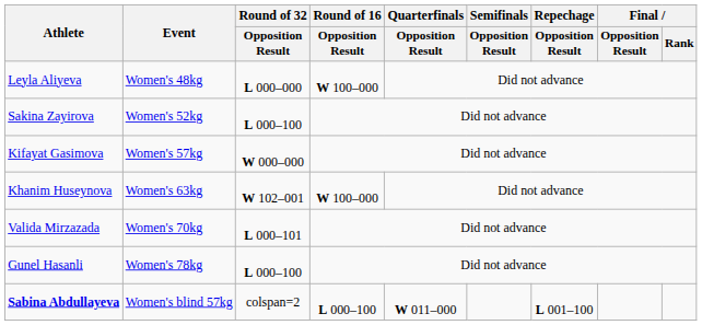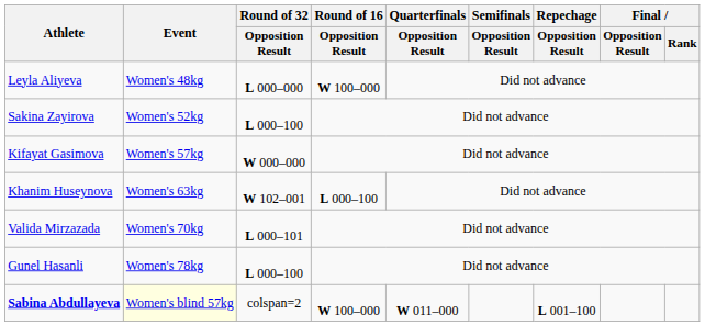 <table class="wikitable" style="font-size:90%">
 <tr>
 <th rowspan="2">Athlete</th>
 <th rowspan="2">Event</th>
 <th>Round of 32</th>
 <th>Round of 16</th>
 <th>Quarterfinals</th>
 <th>Semifinals</th>
 <th>Repechage</th>
 <th colspan=2>Final / </th>
 </tr>
 <tr style="font-size:95%">
 <th>Opposition<br>Result</th>
 <th>Opposition<br>Result</th>
 <th>Opposition<br>Result</th>
 <th>Opposition<br>Result</th>
 <th>Opposition<br>Result</th>
 <th>Opposition<br>Result</th>
 <th>Rank</th>
 </tr>
 <tr align=center>
 <td align=left><a href='#'>Leyla Aliyeva</a></td>
 <td align=left><a href='#'>Women's 48kg</a></td>
 <td><br><strong>L</strong> 000–000</td>
 <td><br><strong>W</strong> 100–000</td>
 <td colspan=5>Did not advance</td>
 </tr>
 <tr align=center>
 <td align=left><a href='#'>Sakina Zayirova</a></td>
 <td align=left><a href='#'>Women's 52kg</a></td>
 <td><br><strong>L</strong> 000–100</td>
 <td colspan=6>Did not advance</td>
 </tr>
 <tr align=center>
 <td align=left><a href='#'>Kifayat Gasimova</a></td>
 <td align=left><a href='#'>Women's 57kg</a></td>
 <td><br><strong>W</strong> 000–000</td>
 <td colspan=6>Did not advance</td>
 </tr>
 <tr align=center>
 <td align=left><a href='#'>Khanim Huseynova</a></td>
 <td align=left><a href='#'>Women's 63kg</a></td>
 <td><br><strong>W</strong> 102–001</td>
-<td><br><strong>W</strong> 100–000</td>
+<td><br><strong>L</strong> 000–100</td>
 <td colspan=5>Did not advance</td>
 </tr>
 <tr align=center>
 <td align=left><a href='#'>Valida Mirzazada</a></td>
 <td align=left><a href='#'>Women's 70kg</a></td>
 <td><br><strong>L</strong> 000–101</td>
 <td colspan=6>Did not advance</td>
 </tr>
 <tr align=center>
 <td align=left><a href='#'>Gunel Hasanli</a></td>
 <td align=left><a href='#'>Women's 78kg</a></td>
 <td><br><strong>L</strong> 000–100</td>
 <td colspan=6>Did not advance</td>
 </tr>
 <tr align=center>
 <td align=left><strong><a href='#'>Sabina Abdullayeva</a></strong></td>
-<td align=left><a href='#'>Women's blind 57kg</a></td>
+<td align=left style="background: lightyellow;"><a href='#'>Women's blind 57kg</a></td>
 <td>colspan=2 </td>
-<td><br><strong>L</strong> 000–100</td>
+<td><br><strong>W</strong> 100–000</td>
 <td><br><strong>W</strong> 011–000</td>
 <td></td>
 <td><br><strong>L</strong> 001–100</td>
 <td></td>
 </tr>
 </table>
